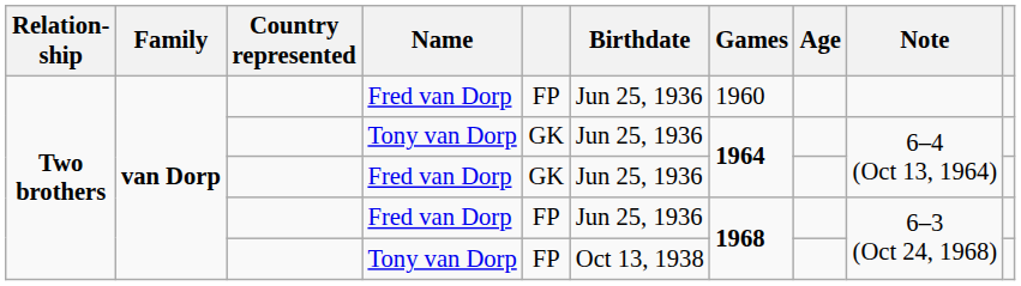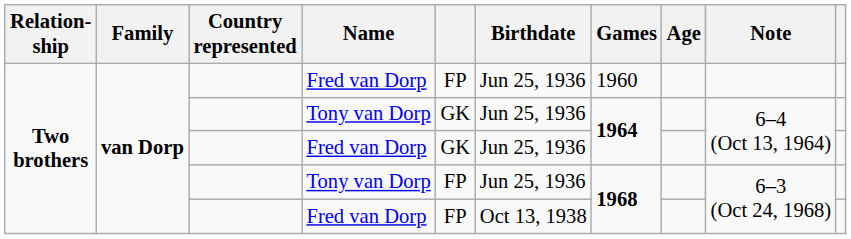 <table class="wikitable sortable" style="text-align: left; font-size: 90%; margin-left: 1em;">
 <tr>
 <th>Relation-<br>ship</th>
 <th>Family</th>
 <th>Country<br>represented</th>
 <th>Name</th>
 <th></th>
 <th>Birthdate</th>
 <th>Games</th>
 <th>Age</th>
 <th>Note</th>
 <th></th>
 </tr>
 <tr>
 <td rowspan="5" style="text-align: center;"><strong>Two<br>brothers</strong></td>
 <td rowspan="5"><strong>van Dorp</strong></td>
 <td></td>
 <td data-sort-value="van Dorp, Fred"><a href='#'>Fred van Dorp</a></td>
 <td style="text-align: center;">FP</td>
 <td>Jun 25, 1936</td>
 <td>1960</td>
 <td></td>
 <td></td>
 <td></td>
 </tr>
 <tr>
 <td></td>
 <td data-sort-value="van Dorp, Tony"><a href='#'>Tony van Dorp</a></td>
 <td style="text-align: center;">GK</td>
 <td>Jun 25, 1936</td>
 <td rowspan="2"><strong>1964</strong></td>
 <td></td>
 <td rowspan="2" style="text-align: center;"> 6–4 <br>(Oct 13, 1964)</td>
 <td></td>
 </tr>
 <tr>
 <td></td>
 <td data-sort-value="van Dorp, Fred"><a href='#'>Fred van Dorp</a></td>
 <td style="text-align: center;">GK</td>
 <td>Jun 25, 1936</td>
 <td></td>
 <td></td>
 </tr>
 <tr>
 <td></td>
-<td data-sort-value="van Dorp, Fred"><a href='#'>Fred van Dorp</a></td>
+<td data-sort-value="van Dorp, Tony"><a href='#'>Tony van Dorp</a></td>
 <td style="text-align: center;">FP</td>
 <td>Jun 25, 1936</td>
 <td rowspan="2"><strong>1968</strong></td>
 <td></td>
 <td rowspan="2" style="text-align: center;"> 6–3 <br>(Oct 24, 1968)</td>
 <td></td>
 </tr>
 <tr>
 <td></td>
-<td data-sort-value="van Dorp, Tony"><a href='#'>Tony van Dorp</a></td>
+<td data-sort-value="van Dorp, Fred"><a href='#'>Fred van Dorp</a></td>
 <td style="text-align: center;">FP</td>
 <td>Oct 13, 1938</td>
 <td></td>
 <td></td>
 </tr>
 </table>
